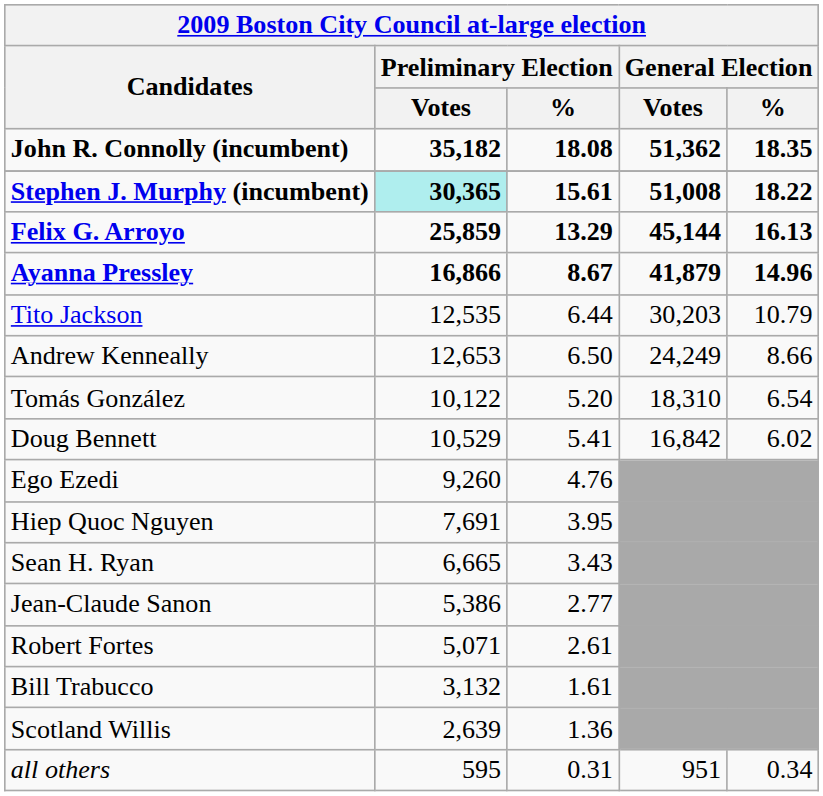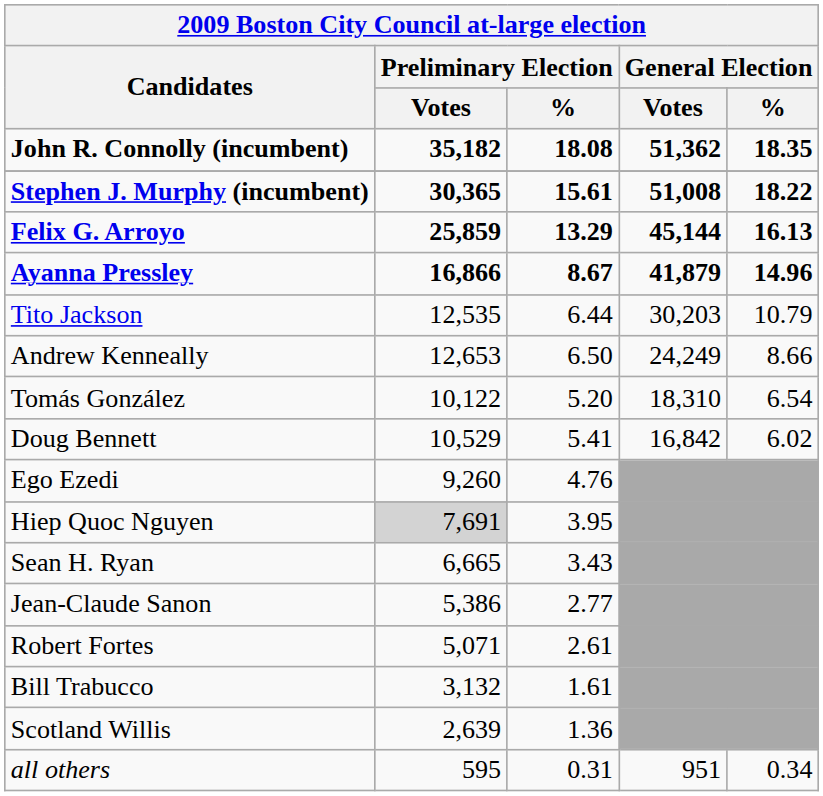 <table class=wikitable>
 <tr>
 <th colspan=5><a href='#'>2009 Boston City Council at-large election</a></th>
 </tr>
 <tr>
 <th colspan=1 rowspan=2><strong>Candidates</strong></th>
 <th colspan=2><strong>Preliminary Election</strong></th>
 <th colspan=2><strong>General Election</strong></th>
 </tr>
 <tr>
 <th>Votes</th>
 <th>%</th>
 <th>Votes</th>
 <th>%</th>
 </tr>
 <tr>
 <td><strong>John R. Connolly (incumbent)</strong></td>
 <td align="right"><strong>35,182</strong></td>
 <td align="right"><strong>18.08</strong></td>
 <td align="right"><strong>51,362</strong></td>
 <td align="right"><strong>18.35</strong></td>
 </tr>
 <tr>
 </tr>
 <tr>
 <td><strong><a href='#'>Stephen J. Murphy</a> (incumbent)</strong></td>
-<td align="right" style="background: paleturquoise;"><strong>30,365</strong></td>
+<td align="right"><strong>30,365</strong></td>
 <td align="right"><strong>15.61</strong></td>
 <td align="right"><strong>51,008</strong></td>
 <td align="right"><strong>18.22</strong></td>
 </tr>
 <tr>
 <td><strong><a href='#'>Felix G. Arroyo</a></strong></td>
 <td align="right"><strong>25,859</strong></td>
 <td align="right"><strong>13.29</strong></td>
 <td align="right"><strong>45,144</strong></td>
 <td align="right"><strong>16.13</strong></td>
 </tr>
 <tr>
 <td><strong><a href='#'>Ayanna Pressley</a></strong></td>
 <td align="right"><strong>16,866</strong></td>
 <td align="right"><strong>8.67</strong></td>
 <td align="right"><strong>41,879</strong></td>
 <td align="right"><strong>14.96</strong></td>
 </tr>
 <tr>
 <td><a href='#'>Tito Jackson</a></td>
 <td align="right">12,535</td>
 <td align="right">6.44</td>
 <td align="right">30,203</td>
 <td align="right">10.79</td>
 </tr>
 <tr>
 <td>Andrew Kenneally</td>
 <td align="right">12,653</td>
 <td align="right">6.50</td>
 <td align="right">24,249</td>
 <td align="right">8.66</td>
 </tr>
 <tr>
 <td>Tomás González</td>
 <td align="right">10,122</td>
 <td align="right">5.20</td>
 <td align="right">18,310</td>
 <td align="right">6.54</td>
 </tr>
 <tr>
 <td>Doug Bennett</td>
 <td align="right">10,529</td>
 <td align="right">5.41</td>
 <td align="right">16,842</td>
 <td align="right">6.02</td>
 </tr>
 <tr>
 <td>Ego Ezedi</td>
 <td align="right">9,260</td>
 <td align="right">4.76</td>
 <td colspan=2 bgcolor=darkgray></td>
 </tr>
 <tr>
 <td>Hiep Quoc Nguyen</td>
-<td align="right">7,691</td>
+<td align="right" style="background: lightgrey;">7,691</td>
 <td align="right">3.95</td>
 <td colspan=2 bgcolor=darkgray></td>
 </tr>
 <tr>
 <td>Sean H. Ryan</td>
 <td align="right">6,665</td>
 <td align="right">3.43</td>
 <td colspan=2 bgcolor=darkgray></td>
 </tr>
 <tr>
 <td>Jean-Claude Sanon</td>
 <td align="right">5,386</td>
 <td align="right">2.77</td>
 <td colspan=2 bgcolor=darkgray></td>
 </tr>
 <tr>
 <td>Robert Fortes</td>
 <td align="right">5,071</td>
 <td align="right">2.61</td>
 <td colspan=2 bgcolor=darkgray></td>
 </tr>
 <tr>
 <td>Bill Trabucco</td>
 <td align="right">3,132</td>
 <td align="right">1.61</td>
 <td colspan=2 bgcolor=darkgray></td>
 </tr>
 <tr>
 <td>Scotland Willis</td>
 <td align="right">2,639</td>
 <td align="right">1.36</td>
 <td colspan=2 bgcolor=darkgray></td>
 </tr>
 <tr>
 <td><em>all others</em></td>
 <td align="right">595</td>
 <td align="right">0.31</td>
 <td align="right">951</td>
 <td align="right">0.34</td>
 </tr>
 </table>
